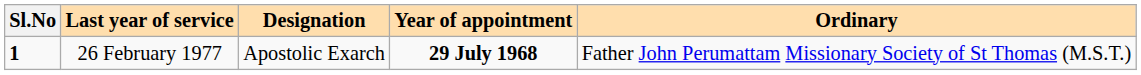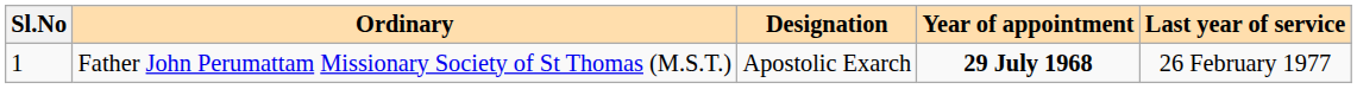 <table class="wikitable">
 <tr>
 <th>Sl.No</th>
-<th style="background: #ffdead;">Last year of service</th>
+<th style="background: #ffdead;">Ordinary</th>
 <th style="background: #ffdead;">Designation</th>
 <th style="background: #ffdead;">Year of appointment</th>
-<th style="background: #ffdead;">Ordinary</th>
+<th style="background: #ffdead;">Last year of service</th>
 </tr>
 <tr>
-<td><strong>1</strong></td>
-<td align="center">26 February 1977</td>
+<td>1</td>
+<td>Father <a href='#'>John Perumattam</a> <a href='#'>Missionary Society of St Thomas</a> (M.S.T.)</td>
 <td align="center">Apostolic Exarch</td>
 <td align="center"><strong>29 July 1968</strong></td>
-<td>Father <a href='#'>John Perumattam</a> <a href='#'>Missionary Society of St Thomas</a> (M.S.T.)</td>
+<td align="center">26 February 1977</td>
 </tr>
 </table>
